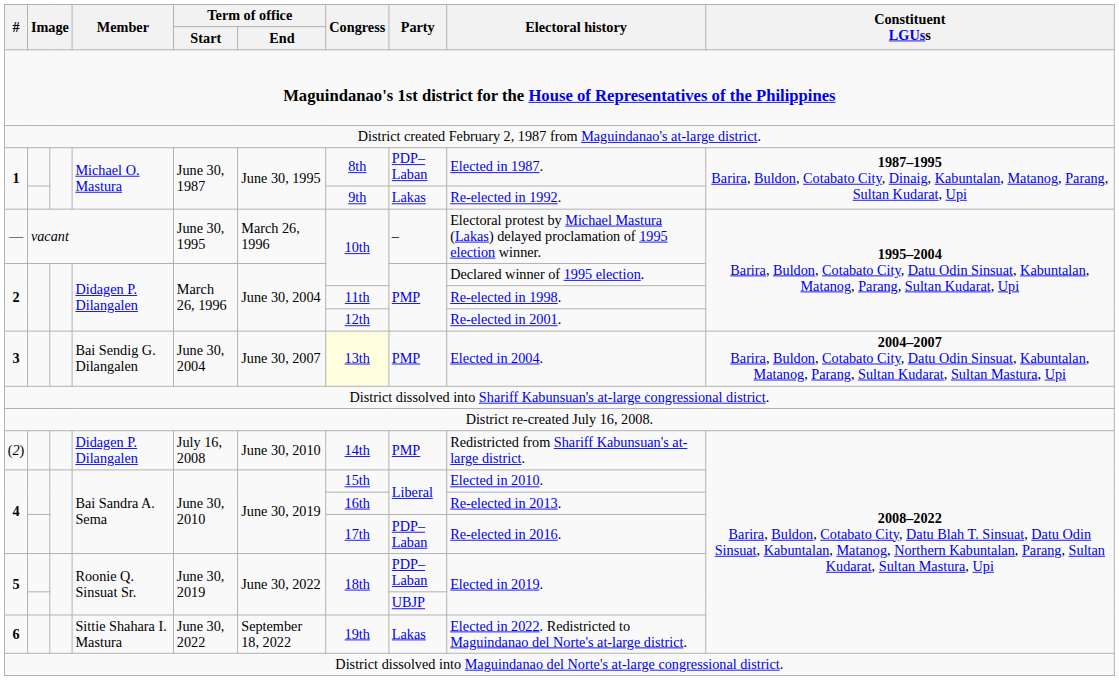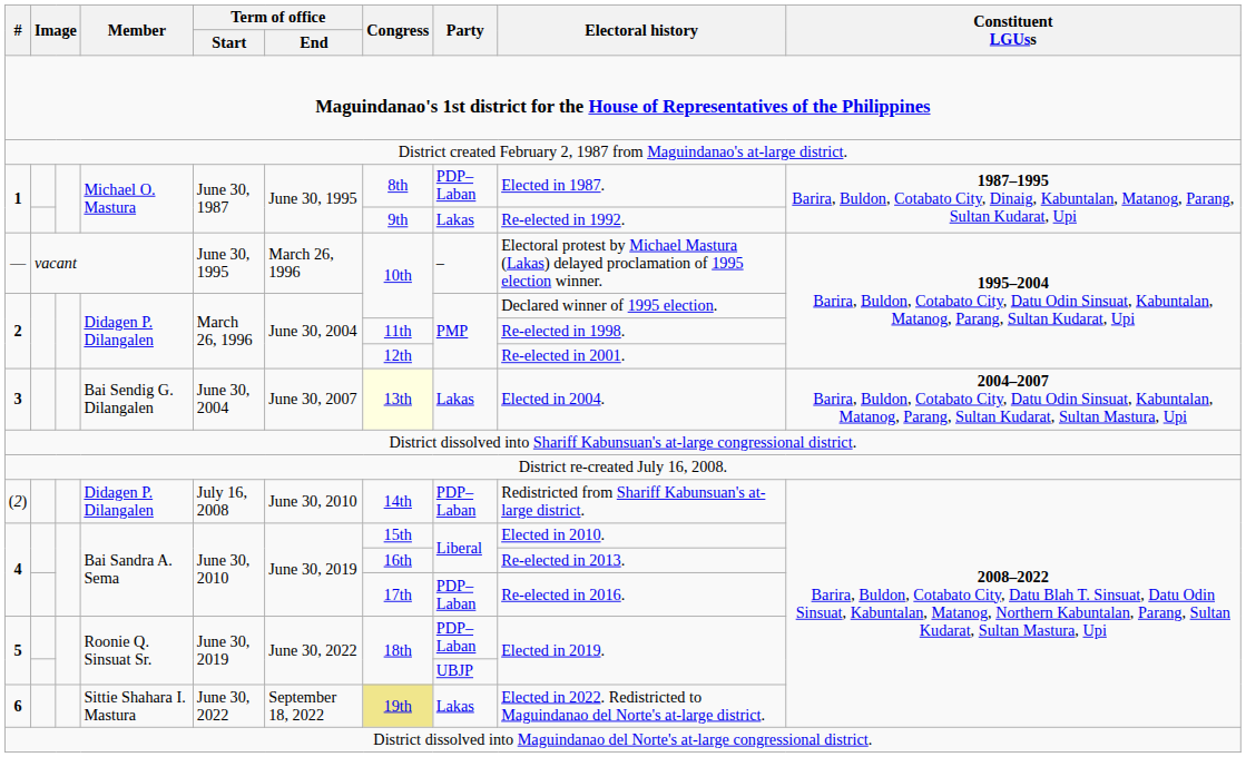 <table class=wikitable>
 <tr>
 <th rowspan="2">#</th>
 <th rowspan="2" colspan="2">Image</th>
 <th rowspan="2">Member</th>
 <th colspan="2">Term of office</th>
 <th rowspan="2">Congress</th>
 <th rowspan="2">Party</th>
 <th rowspan="2">Electoral history</th>
 <th rowspan="2">Constituent<br><a href='#'>LGUs</a>s</th>
 </tr>
 <tr>
 <th>Start</th>
 <th>End</th>
 </tr>
 <tr>
 <td colspan="10" style="text-align:center;"><br><h3>Maguindanao's 1st district for the <a href='#'>House of Representatives of the Philippines</a></h3></td>
 </tr>
 <tr>
 <td colspan="10" style="text-align:center;">District created February 2, 1987 from <a href='#'>Maguindanao's at-large district</a>.</td>
 </tr>
 <tr>
 <td rowspan="2" style="text-align:center;"><strong>1</strong></td>
 <td style="color:inherit;background:"></td>
 <td rowspan="2"></td>
 <td rowspan="2"><a href='#'>Michael O. Mastura</a></td>
 <td rowspan="2">June 30, 1987</td>
 <td rowspan="2">June 30, 1995</td>
 <td style="text-align:center;"><a href='#'>8th</a></td>
 <td><a href='#'>PDP–Laban</a></td>
 <td><a href='#'>Elected in 1987</a>.</td>
 <td rowspan="2" style="text-align:center;"><strong>1987–1995</strong><br><a href='#'>Barira</a>, <a href='#'>Buldon</a>, <a href='#'>Cotabato City</a>, <a href='#'>Dinaig</a>, <a href='#'>Kabuntalan</a>, <a href='#'>Matanog</a>, <a href='#'>Parang</a>, <a href='#'>Sultan Kudarat</a>, <a href='#'>Upi</a></td>
 </tr>
 <tr>
 <td style="color:inherit;background:"></td>
 <td style="text-align:center;"><a href='#'>9th</a></td>
 <td><a href='#'>Lakas</a></td>
 <td><a href='#'>Re-elected in 1992</a>.</td>
 </tr>
 <tr>
 <td style="text-align:center;">—</td>
 <td colspan="3"><em>vacant</em></td>
 <td>June 30, 1995</td>
 <td>March 26, 1996</td>
 <td rowspan="2" style="text-align:center;"><a href='#'>10th</a></td>
 <td>–</td>
 <td>Electoral protest by <a href='#'>Michael Mastura</a> (<a href='#'>Lakas</a>) delayed proclamation of <a href='#'>1995 election</a> winner.</td>
 <td rowspan="4" style="text-align:center;"><strong>1995–2004</strong><br><a href='#'>Barira</a>, <a href='#'>Buldon</a>, <a href='#'>Cotabato City</a>, <a href='#'>Datu Odin Sinsuat</a>, <a href='#'>Kabuntalan</a>, <a href='#'>Matanog</a>, <a href='#'>Parang</a>, <a href='#'>Sultan Kudarat</a>, <a href='#'>Upi</a></td>
 </tr>
 <tr>
 <td rowspan="3" style="text-align:center;"><strong>2</strong></td>
 <td rowspan="3" style="color:inherit;background:"></td>
 <td rowspan="3"></td>
 <td rowspan="3"><a href='#'>Didagen P. Dilangalen</a></td>
 <td rowspan="3">March 26, 1996</td>
 <td rowspan="3">June 30, 2004</td>
 <td rowspan="3"><a href='#'>PMP</a></td>
 <td>Declared winner of <a href='#'>1995 election</a>.</td>
 </tr>
 <tr>
 <td style="text-align:center;"><a href='#'>11th</a></td>
 <td><a href='#'>Re-elected in 1998</a>.</td>
 </tr>
 <tr>
 <td style="text-align:center;"><a href='#'>12th</a></td>
 <td><a href='#'>Re-elected in 2001</a>.</td>
 </tr>
 <tr>
 <td style="text-align:center;"><strong>3</strong></td>
 <td style="color:inherit;background:"></td>
 <td></td>
 <td>Bai Sendig G. Dilangalen</td>
 <td>June 30, 2004</td>
 <td>June 30, 2007</td>
 <td style="background: lightyellow; text-align:center;"><a href='#'>13th</a></td>
-<td><a href='#'>PMP</a></td>
+<td><a href='#'>Lakas</a></td>
 <td><a href='#'>Elected in 2004</a>.</td>
 <td style="text-align:center;"><strong>2004–2007</strong><br><a href='#'>Barira</a>, <a href='#'>Buldon</a>, <a href='#'>Cotabato City</a>, <a href='#'>Datu Odin Sinsuat</a>, <a href='#'>Kabuntalan</a>, <a href='#'>Matanog</a>, <a href='#'>Parang</a>, <a href='#'>Sultan Kudarat</a>, <a href='#'>Sultan Mastura</a>, <a href='#'>Upi</a></td>
 </tr>
 <tr>
 <td colspan="10" style="text-align:center;">District dissolved into <a href='#'>Shariff Kabunsuan's at-large congressional district</a>.</td>
 </tr>
 <tr>
 <td colspan="10" style="text-align:center;">District re-created July 16, 2008.</td>
 </tr>
 <tr>
 <td>(<em>2</em>)</td>
 <td style="color:inherit;background:"></td>
 <td></td>
 <td><a href='#'>Didagen P. Dilangalen</a></td>
 <td>July 16, 2008</td>
 <td>June 30, 2010</td>
 <td style="text-align:center;"><a href='#'>14th</a></td>
-<td><a href='#'>PMP</a></td>
+<td><a href='#'>PDP–Laban</a></td>
 <td>Redistricted from <a href='#'>Shariff Kabunsuan's at-large district</a>.</td>
 <td rowspan="7" style="text-align:center;"><strong>2008–2022</strong><br><a href='#'>Barira</a>, <a href='#'>Buldon</a>, <a href='#'>Cotabato City</a>, <a href='#'>Datu Blah T. Sinsuat</a>, <a href='#'>Datu Odin Sinsuat</a>, <a href='#'>Kabuntalan</a>, <a href='#'>Matanog</a>, <a href='#'>Northern Kabuntalan</a>, <a href='#'>Parang</a>, <a href='#'>Sultan Kudarat</a>, <a href='#'>Sultan Mastura</a>, <a href='#'>Upi</a></td>
 </tr>
 <tr>
 <td rowspan="3" style="text-align:center;"><strong>4</strong></td>
 <td rowspan="2" style="color:inherit;background:"></td>
 <td rowspan="3"></td>
 <td rowspan="3">Bai Sandra A. Sema</td>
 <td rowspan="3">June 30, 2010</td>
 <td rowspan="3">June 30, 2019</td>
 <td style="text-align:center;"><a href='#'>15th</a></td>
 <td rowspan="2"><a href='#'>Liberal</a></td>
 <td><a href='#'>Elected in 2010</a>.</td>
 </tr>
 <tr>
 <td style="text-align:center;"><a href='#'>16th</a></td>
 <td><a href='#'>Re-elected in 2013</a>.</td>
 </tr>
 <tr>
 <td style="color:inherit;background:"></td>
 <td style="text-align:center;"><a href='#'>17th</a></td>
 <td><a href='#'>PDP–Laban</a></td>
 <td><a href='#'>Re-elected in 2016</a>.</td>
 </tr>
 <tr>
 <td rowspan="2" style="text-align:center;"><strong>5</strong></td>
 <td style="color:inherit;background:"></td>
 <td rowspan="2"></td>
 <td rowspan="2">Roonie Q. Sinsuat Sr.</td>
 <td rowspan="2">June 30, 2019</td>
 <td rowspan="2">June 30, 2022</td>
 <td rowspan="2" style="text-align:center;"><a href='#'>18th</a></td>
 <td><a href='#'>PDP–Laban</a></td>
 <td rowspan="2"><a href='#'>Elected in 2019</a>.</td>
 </tr>
 <tr>
 <td style="color:inherit;background:"></td>
 <td><a href='#'>UBJP</a></td>
 </tr>
 <tr>
 <td style="text-align:center;"><strong>6</strong></td>
 <td style="color:inherit;background:"></td>
 <td></td>
 <td>Sittie Shahara I. Mastura</td>
 <td>June 30, 2022</td>
 <td>September 18, 2022</td>
-<td style="text-align:center;"><a href='#'>19th</a></td>
+<td style="background: khaki; text-align:center;"><a href='#'>19th</a></td>
 <td><a href='#'>Lakas</a></td>
 <td><a href='#'>Elected in 2022</a>. Redistricted to <a href='#'>Maguindanao del Norte's at-large district</a>.</td>
 </tr>
 <tr>
 <td colspan="10" style="text-align:center;">District dissolved into <a href='#'>Maguindanao del Norte's at-large congressional district</a>.</td>
 </tr>
 </table>
